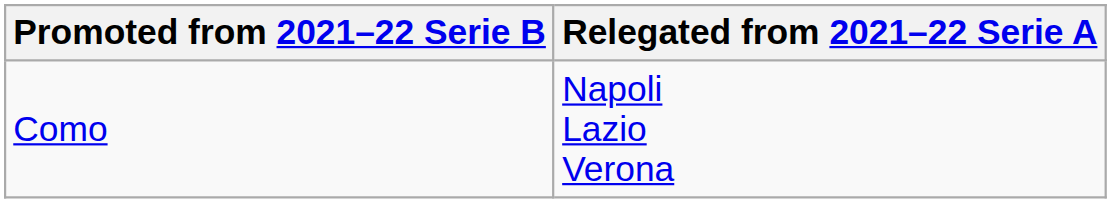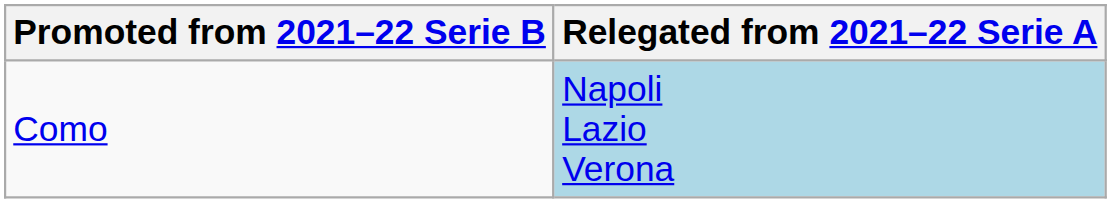 <table class="wikitable">
 <tr>
 <th>Promoted from <a href='#'>2021–22 Serie B</a></th>
 <th>Relegated from <a href='#'>2021–22 Serie A</a></th>
 </tr>
 <tr>
 <td><a href='#'>Como</a></td>
-<td><a href='#'>Napoli</a><br><a href='#'>Lazio</a><br><a href='#'>Verona</a></td>
+<td style="background: lightblue;"><a href='#'>Napoli</a><br><a href='#'>Lazio</a><br><a href='#'>Verona</a></td>
 </tr>
 </table>
